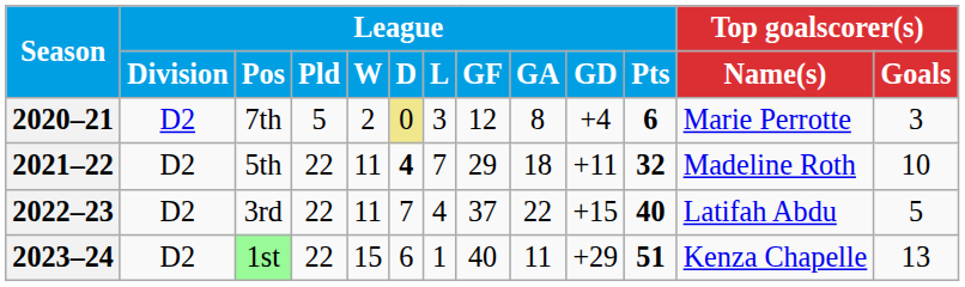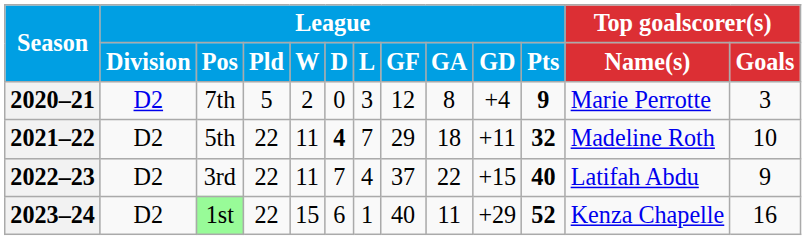 <table class="wikitable" style="text-align:center">
 <tr>
 <th rowspan=2; style="background:#009FE3; color:white">Season</th>
 <th colspan=10; style="background:#009FE3; color:white">League</th>
 <th colspan=2; style="background:#DC2F34; color:white">Top goalscorer(s)</th>
 </tr>
 <tr>
 <th style="background:#009FE3; color:white">Division</th>
 <th style="background:#009FE3; color:white">Pos</th>
 <th style="background:#009FE3; color:white">Pld</th>
 <th style="background:#009FE3; color:white">W</th>
 <th style="background:#009FE3; color:white">D</th>
 <th style="background:#009FE3; color:white">L</th>
 <th style="background:#009FE3; color:white">GF</th>
 <th style="background:#009FE3; color:white">GA</th>
 <th style="background:#009FE3; color:white">GD</th>
 <th style="background:#009FE3; color:white">Pts</th>
 <th style="background:#DC2F34; color:white">Name(s)</th>
 <th style="background:#DC2F34; color:white">Goals</th>
 </tr>
 <tr>
 <th>2020–21</th>
 <td><a href='#'>D2</a></td>
 <td>7th</td>
 <td>5</td>
 <td>2</td>
-<td style="background: khaki;">0</td>
+<td>0</td>
 <td>3</td>
 <td>12</td>
 <td>8</td>
 <td>+4</td>
-<td><strong>6</strong></td>
+<td><strong>9</strong></td>
 <td style="text-align:left"> <a href='#'>Marie Perrotte</a></td>
 <td>3</td>
 </tr>
 <tr>
 <th>2021–22</th>
 <td>D2</td>
 <td>5th</td>
 <td>22</td>
 <td>11</td>
 <td><strong>4</strong></td>
 <td>7</td>
 <td>29</td>
 <td>18</td>
 <td>+11</td>
 <td><strong>32</strong></td>
 <td style="text-align:left"> <a href='#'>Madeline Roth</a></td>
 <td>10</td>
 </tr>
 <tr>
 <th>2022–23</th>
 <td>D2</td>
 <td>3rd</td>
 <td>22</td>
 <td>11</td>
 <td>7</td>
 <td>4</td>
 <td>37</td>
 <td>22</td>
 <td>+15</td>
 <td><strong>40</strong></td>
 <td style="text-align:left"> <a href='#'>Latifah Abdu</a></td>
-<td>5</td>
+<td>9</td>
 </tr>
 <tr>
 <th>2023–24</th>
 <td>D2</td>
 <td style="background:PaleGreen">1st</td>
 <td>22</td>
 <td>15</td>
 <td>6</td>
 <td>1</td>
 <td>40</td>
 <td>11</td>
 <td>+29</td>
-<td><strong>51</strong></td>
+<td><strong>52</strong></td>
 <td style="text-align:left"> <a href='#'>Kenza Chapelle</a></td>
-<td>13</td>
+<td>16</td>
 </tr>
 </table>
